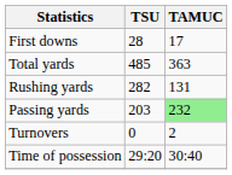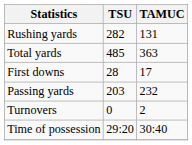 <table class="wikitable" style="float: left;">
 <tr>
 <th>Statistics</th>
 <th>TSU</th>
 <th>TAMUC</th>
 </tr>
 <tr>
-<td>First downs</td>
-<td>28</td>
-<td>17</td>
+<td>Rushing yards</td>
+<td>282</td>
+<td>131</td>
 </tr>
 <tr>
 <td>Total yards</td>
 <td>485</td>
 <td>363</td>
 </tr>
 <tr>
-<td>Rushing yards</td>
-<td>282</td>
-<td>131</td>
+<td>First downs</td>
+<td>28</td>
+<td>17</td>
 </tr>
 <tr>
 <td>Passing yards</td>
 <td>203</td>
-<td style="background: lightgreen;">232</td>
+<td>232</td>
 </tr>
 <tr>
 <td>Turnovers</td>
 <td>0</td>
 <td>2</td>
 </tr>
 <tr>
 <td>Time of possession</td>
 <td>29:20</td>
 <td>30:40</td>
 </tr>
 <tr>
 </tr>
 </table>
